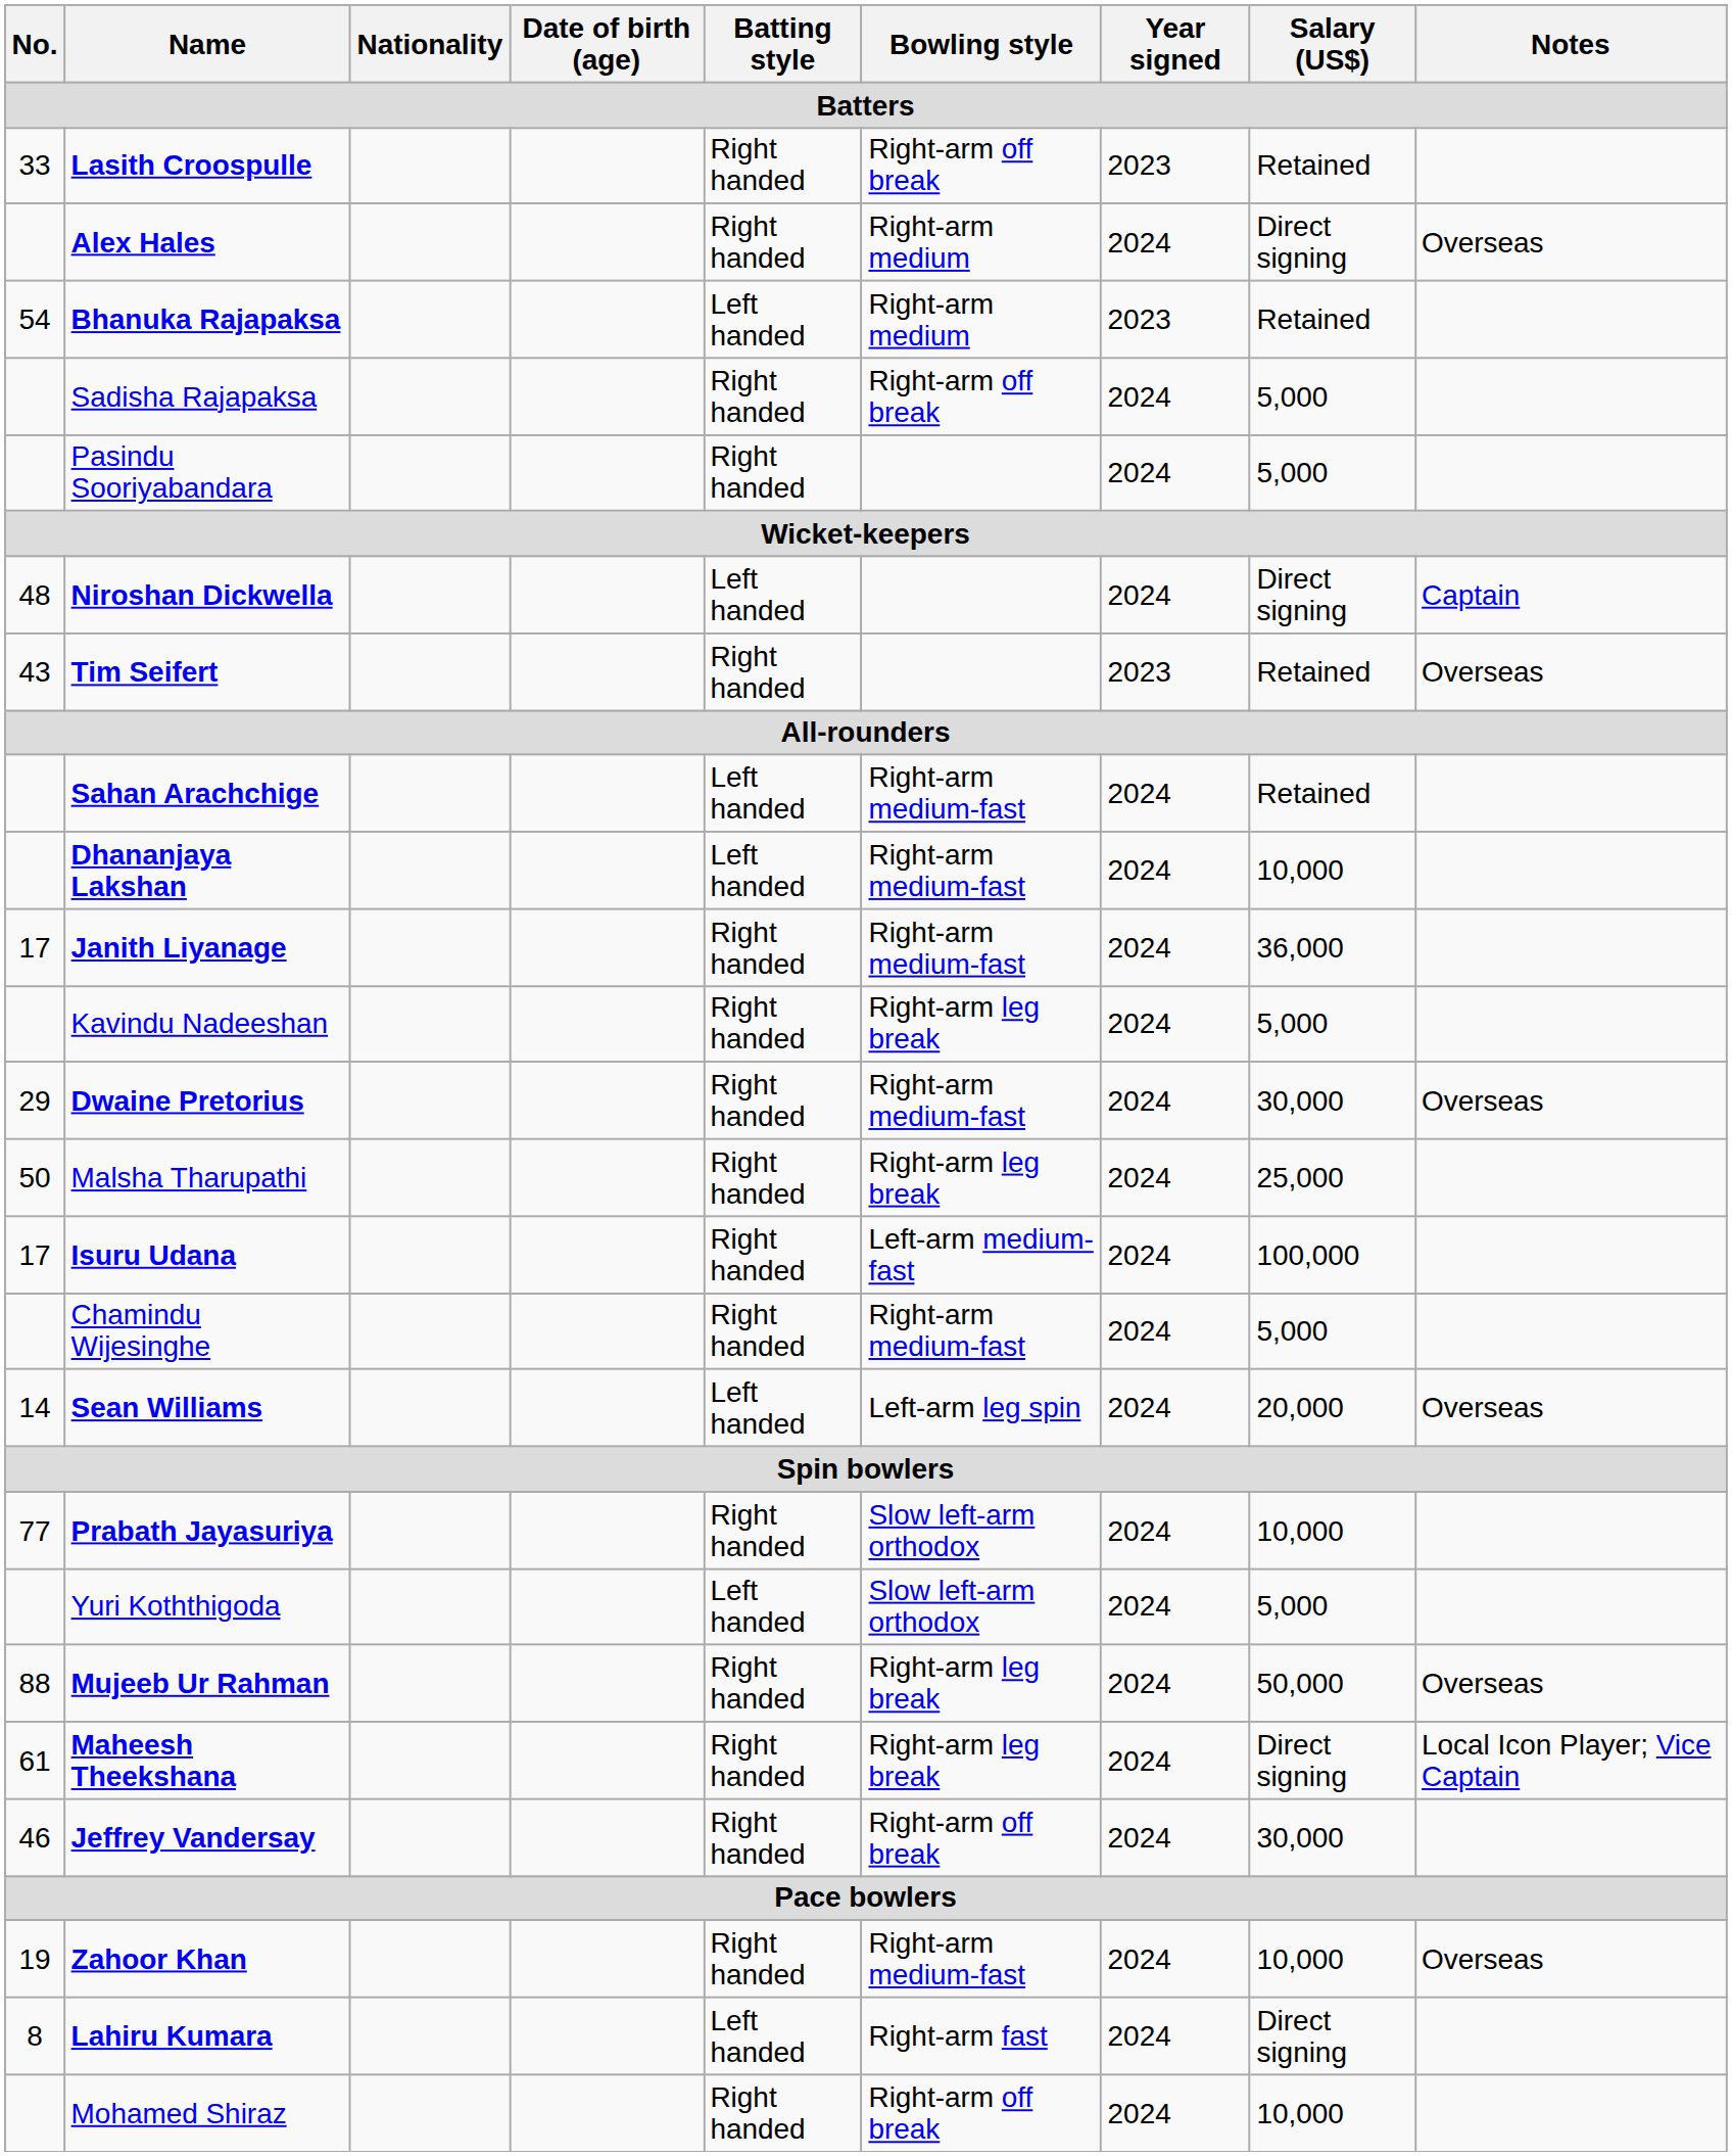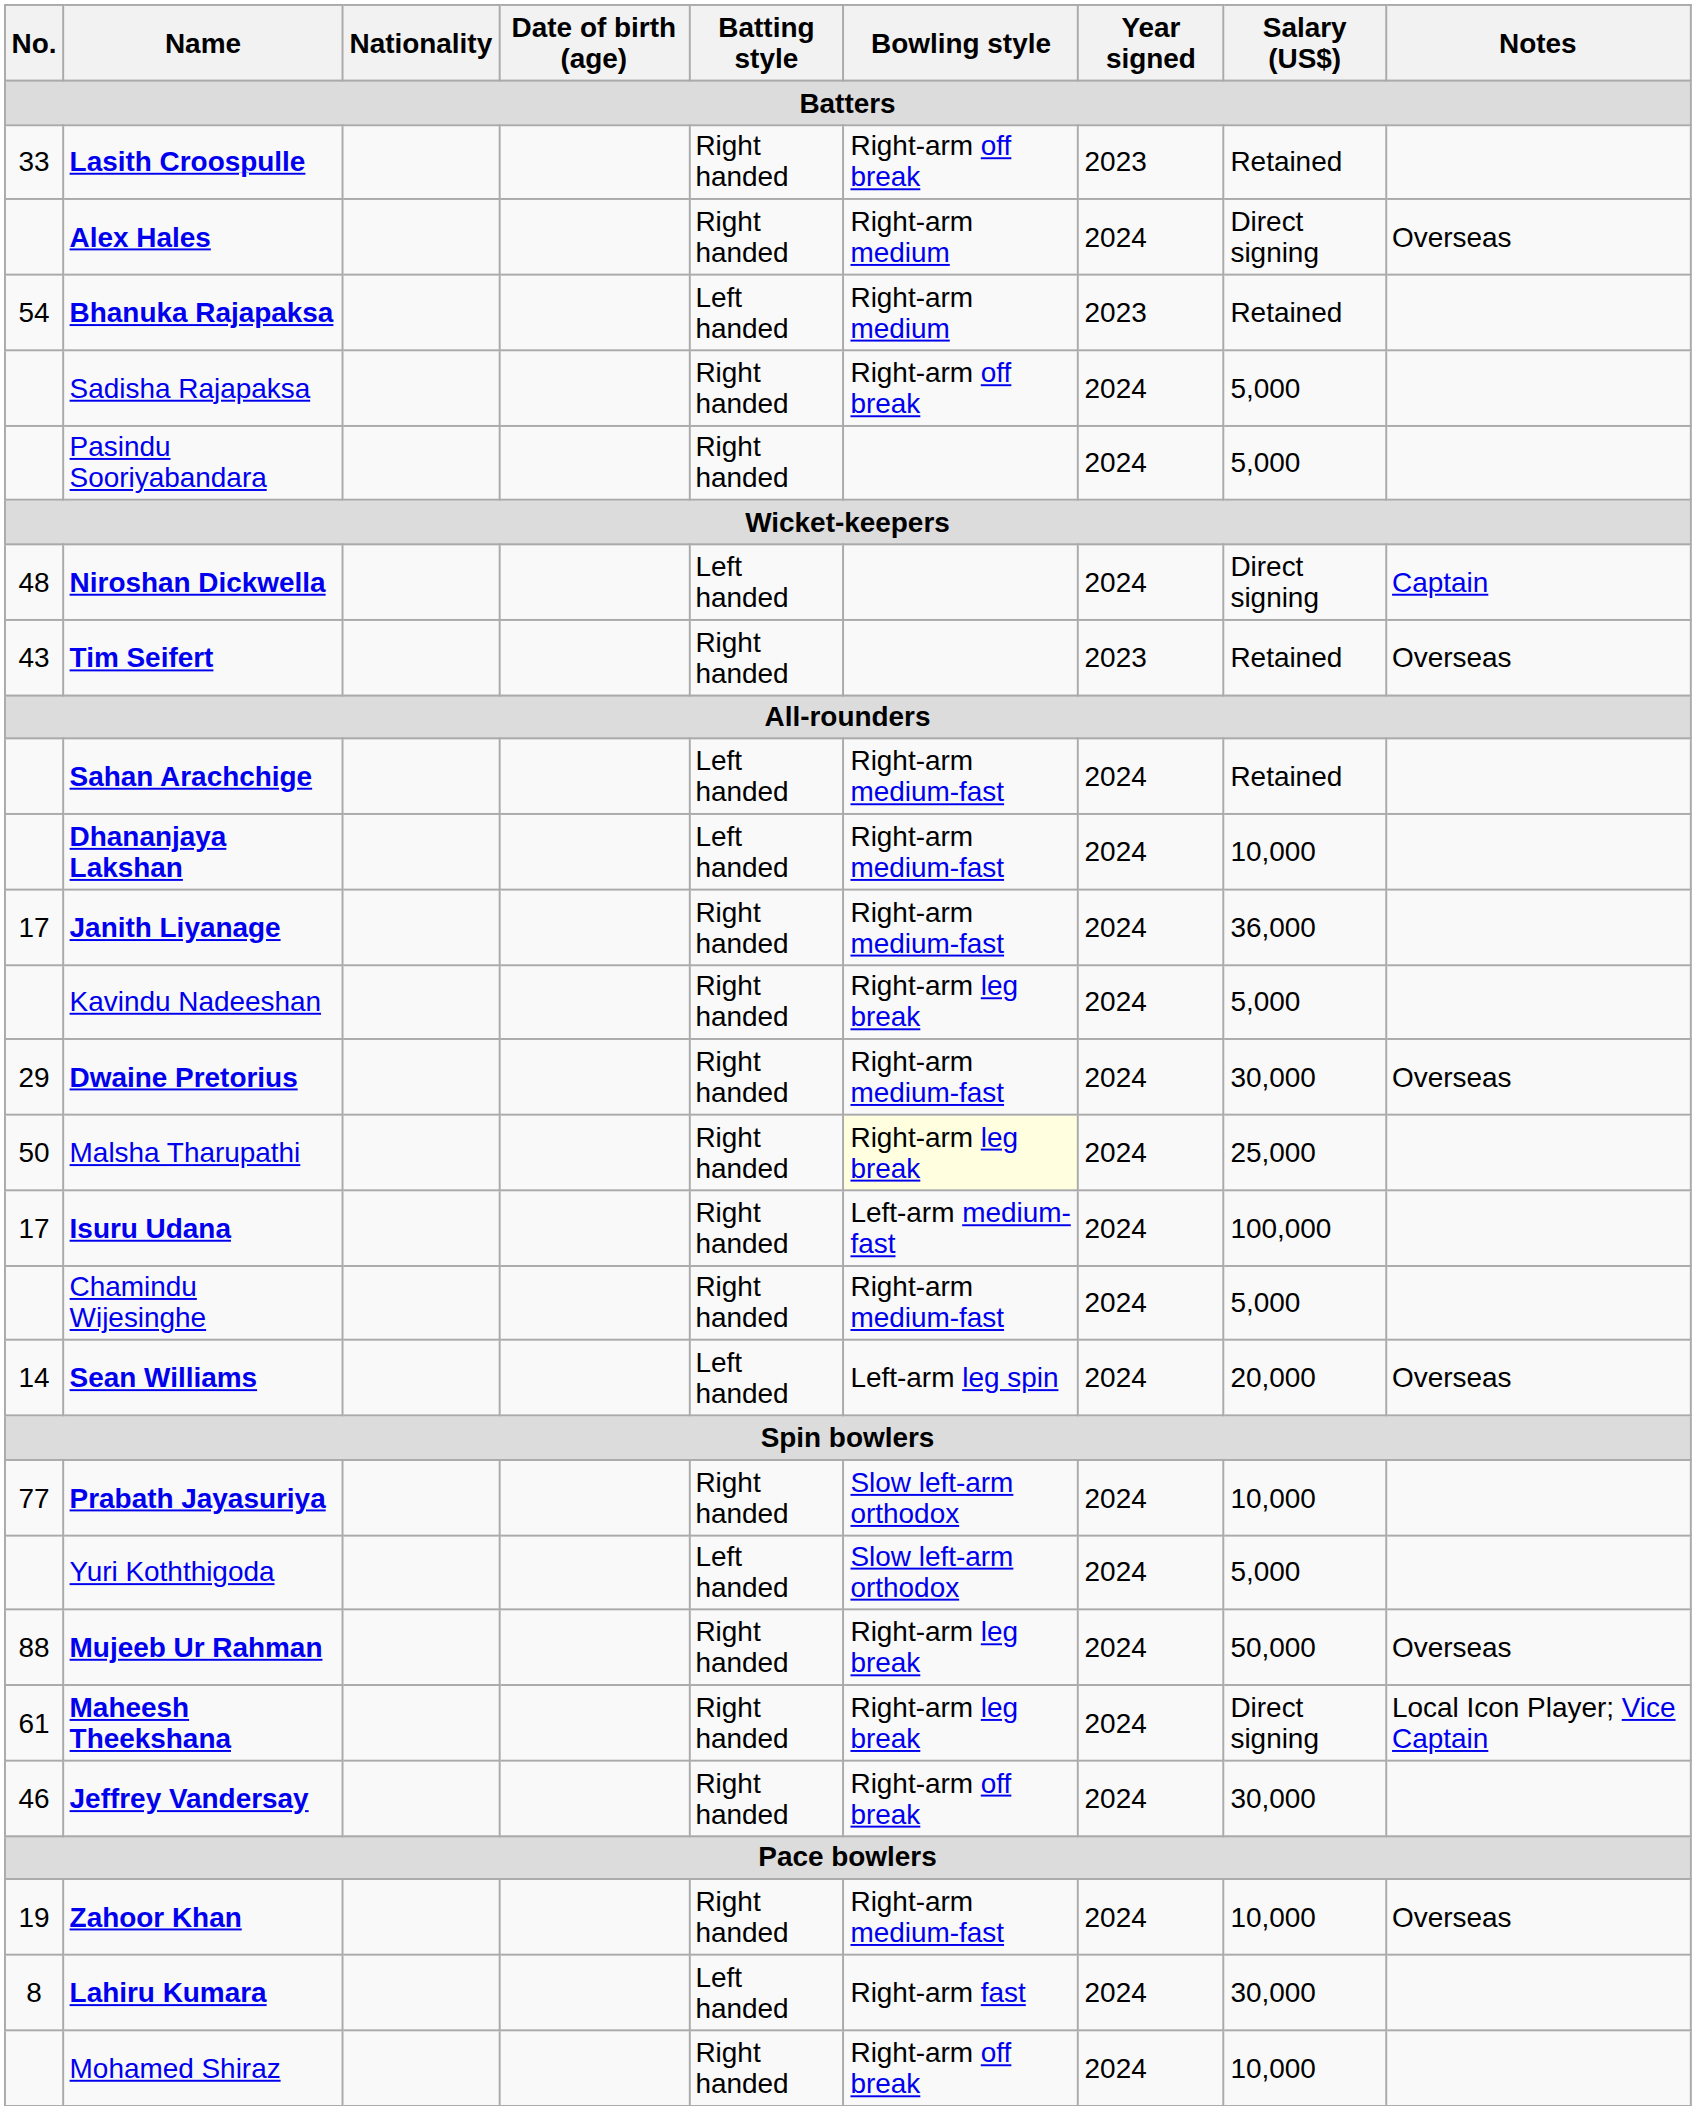 <table class="wikitable" style="font-size:90%;">
 <tr>
 <th>No.</th>
 <th>Name</th>
 <th>Nationality</th>
 <th>Date of birth (age)</th>
 <th>Batting style</th>
 <th>Bowling style</th>
 <th>Year signed</th>
 <th>Salary <br> (US$)</th>
 <th>Notes</th>
 </tr>
 <tr>
 <th colspan="9" style="background:#dcdcdc; text-align:center;">Batters</th>
 </tr>
 <tr>
 <td style="text-align:center;">33</td>
 <td><strong><a href='#'>Lasith Croospulle</a></strong></td>
 <td></td>
 <td></td>
 <td>Right handed</td>
 <td>Right-arm <a href='#'>off break</a></td>
 <td>2023</td>
 <td>Retained</td>
 <td></td>
 </tr>
 <tr>
 <td></td>
 <td><strong><a href='#'>Alex Hales</a></strong></td>
 <td></td>
 <td></td>
 <td>Right handed</td>
 <td>Right-arm <a href='#'>medium</a></td>
 <td>2024</td>
 <td>Direct signing</td>
 <td>Overseas</td>
 </tr>
 <tr>
 <td style="text-align:center;">54</td>
 <td><strong><a href='#'>Bhanuka Rajapaksa</a></strong></td>
 <td></td>
 <td></td>
 <td>Left handed</td>
 <td>Right-arm <a href='#'>medium</a></td>
 <td>2023</td>
 <td>Retained</td>
 <td></td>
 </tr>
 <tr>
 <td></td>
 <td><a href='#'>Sadisha Rajapaksa</a></td>
 <td></td>
 <td></td>
 <td>Right handed</td>
 <td>Right-arm <a href='#'>off break</a></td>
 <td>2024</td>
 <td>5,000</td>
 <td></td>
 </tr>
 <tr>
 <td></td>
 <td><a href='#'>Pasindu Sooriyabandara</a></td>
 <td></td>
 <td></td>
 <td>Right handed</td>
 <td></td>
 <td>2024</td>
 <td>5,000</td>
 <td></td>
 </tr>
 <tr>
 <th colspan="9" style="background:#dcdcdc; text-align:center;">Wicket-keepers</th>
 </tr>
 <tr>
 <td style="text-align:center;">48</td>
 <td><strong><a href='#'>Niroshan Dickwella</a></strong></td>
 <td></td>
 <td></td>
 <td>Left handed</td>
 <td></td>
 <td>2024</td>
 <td>Direct signing</td>
 <td><a href='#'>Captain</a></td>
 </tr>
 <tr>
 <td style="text-align:center;">43</td>
 <td><strong><a href='#'>Tim Seifert</a></strong></td>
 <td></td>
 <td></td>
 <td>Right handed</td>
 <td></td>
 <td>2023</td>
 <td>Retained</td>
 <td>Overseas</td>
 </tr>
 <tr>
 <th colspan="9" style="background:#dcdcdc; text-align:center;">All-rounders</th>
 </tr>
 <tr>
 <td style="text-align:center;"></td>
 <td><strong><a href='#'>Sahan Arachchige</a></strong></td>
 <td></td>
 <td></td>
 <td>Left handed</td>
 <td>Right-arm <a href='#'>medium-fast</a></td>
 <td>2024</td>
 <td>Retained</td>
 <td></td>
 </tr>
 <tr>
 <td></td>
 <td><strong><a href='#'>Dhananjaya Lakshan</a></strong></td>
 <td></td>
 <td></td>
 <td>Left handed</td>
 <td>Right-arm <a href='#'>medium-fast</a></td>
 <td>2024</td>
 <td>10,000</td>
 <td></td>
 </tr>
 <tr>
 <td style="text-align:center;">17</td>
 <td><strong><a href='#'>Janith Liyanage</a></strong></td>
 <td></td>
 <td></td>
 <td>Right handed</td>
 <td>Right-arm <a href='#'>medium-fast</a></td>
 <td>2024</td>
 <td>36,000</td>
 <td></td>
 </tr>
 <tr>
 <td></td>
 <td><a href='#'>Kavindu Nadeeshan</a></td>
 <td></td>
 <td></td>
 <td>Right handed</td>
 <td>Right-arm <a href='#'>leg break</a></td>
 <td>2024</td>
 <td>5,000</td>
 <td></td>
 </tr>
 <tr>
 <td style="text-align:center;">29</td>
 <td><strong><a href='#'>Dwaine Pretorius</a></strong></td>
 <td></td>
 <td></td>
 <td>Right handed</td>
 <td>Right-arm <a href='#'>medium-fast</a></td>
 <td>2024</td>
 <td>30,000</td>
 <td>Overseas</td>
 </tr>
 <tr>
 <td style="text-align:center;">50</td>
 <td><a href='#'>Malsha Tharupathi</a></td>
 <td></td>
 <td></td>
 <td>Right handed</td>
-<td>Right-arm <a href='#'>leg break</a></td>
+<td style="background: lightyellow;">Right-arm <a href='#'>leg break</a></td>
 <td>2024</td>
 <td>25,000</td>
 <td></td>
 </tr>
 <tr>
 <td style="text-align:center;">17</td>
 <td><strong><a href='#'>Isuru Udana</a></strong></td>
 <td></td>
 <td></td>
 <td>Right handed</td>
 <td>Left-arm <a href='#'>medium-fast</a></td>
 <td>2024</td>
 <td>100,000</td>
 <td></td>
 </tr>
 <tr>
 <td></td>
 <td><a href='#'>Chamindu Wijesinghe</a></td>
 <td></td>
 <td></td>
 <td>Right handed</td>
 <td>Right-arm <a href='#'>medium-fast</a></td>
 <td>2024</td>
 <td>5,000</td>
 <td></td>
 </tr>
 <tr>
 <td style="text-align:center;">14</td>
 <td><a href='#'><strong>Sean Williams</strong></a></td>
 <td></td>
 <td></td>
 <td>Left handed</td>
 <td>Left-arm <a href='#'>leg spin</a></td>
 <td>2024</td>
 <td>20,000</td>
 <td>Overseas</td>
 </tr>
 <tr>
 <th colspan="9" style="background:#dcdcdc; text-align:center;">Spin bowlers</th>
 </tr>
 <tr>
 <td style="text-align:center;">77</td>
 <td><strong><a href='#'>Prabath Jayasuriya</a></strong></td>
 <td></td>
 <td></td>
 <td>Right handed</td>
 <td><a href='#'>Slow left-arm orthodox</a></td>
 <td>2024</td>
 <td>10,000</td>
 <td></td>
 </tr>
 <tr>
 <td></td>
 <td><a href='#'>Yuri Koththigoda</a></td>
 <td></td>
 <td></td>
 <td>Left handed</td>
 <td><a href='#'>Slow left-arm orthodox</a></td>
 <td>2024</td>
 <td>5,000</td>
 <td></td>
 </tr>
 <tr>
 <td style="text-align:center;">88</td>
 <td><strong><a href='#'>Mujeeb Ur Rahman</a></strong></td>
 <td></td>
 <td></td>
 <td>Right handed</td>
 <td>Right-arm <a href='#'>leg break</a></td>
 <td>2024</td>
 <td>50,000</td>
 <td>Overseas</td>
 </tr>
 <tr>
 <td style="text-align:center;">61</td>
 <td><strong><a href='#'>Maheesh Theekshana</a></strong></td>
 <td></td>
 <td></td>
 <td>Right handed</td>
 <td>Right-arm <a href='#'>leg break</a></td>
 <td>2024</td>
 <td>Direct signing</td>
 <td>Local Icon Player; <a href='#'>Vice Captain</a></td>
 </tr>
 <tr>
 <td style="text-align:center;">46</td>
 <td><strong><a href='#'>Jeffrey Vandersay</a></strong></td>
 <td></td>
 <td></td>
 <td>Right handed</td>
 <td>Right-arm <a href='#'>off break</a></td>
 <td>2024</td>
 <td>30,000</td>
 <td></td>
 </tr>
 <tr>
 <th colspan="9" style="background:#dcdcdc; text-align:center;">Pace bowlers</th>
 </tr>
 <tr>
 <td style="text-align:center;">19</td>
 <td><strong><a href='#'>Zahoor Khan</a></strong></td>
 <td></td>
 <td></td>
 <td>Right handed</td>
 <td>Right-arm <a href='#'>medium-fast</a></td>
 <td>2024</td>
 <td>10,000</td>
 <td>Overseas</td>
 </tr>
 <tr>
 <td style="text-align:center;">8</td>
 <td><strong><a href='#'>Lahiru Kumara</a></strong></td>
 <td></td>
 <td></td>
 <td>Left handed</td>
 <td>Right-arm <a href='#'>fast</a></td>
 <td>2024</td>
-<td>Direct signing</td>
+<td>30,000</td>
 <td></td>
 </tr>
 <tr>
 <td></td>
 <td><a href='#'>Mohamed Shiraz</a></td>
 <td></td>
 <td></td>
 <td>Right handed</td>
 <td>Right-arm <a href='#'>off break</a></td>
 <td>2024</td>
 <td>10,000</td>
 <td></td>
 </tr>
 </table>
